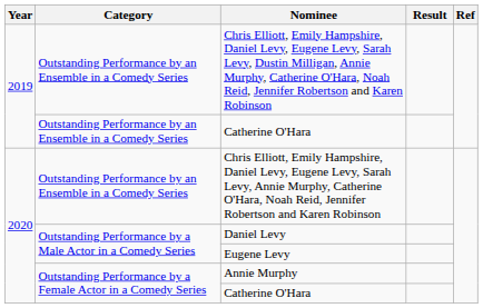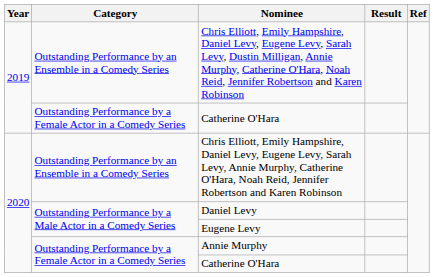 <table class="wikitable">
 <tr>
 <th width="3%">Year</th>
 <th width="40%">Category</th>
 <th width="40%">Nominee</th>
 <th width="10%">Result</th>
 <th width="2%">Ref</th>
 </tr>
 <tr>
 <td rowspan="2"><a href='#'>2019</a></td>
 <td><a href='#'>Outstanding Performance by an Ensemble in a Comedy Series</a></td>
 <td><a href='#'>Chris Elliott</a>, <a href='#'>Emily Hampshire</a>, <a href='#'>Daniel Levy</a>, <a href='#'>Eugene Levy</a>, <a href='#'>Sarah Levy</a>, <a href='#'>Dustin Milligan</a>, <a href='#'>Annie Murphy</a>, <a href='#'>Catherine O'Hara</a>, <a href='#'>Noah Reid</a>, <a href='#'>Jennifer Robertson</a> and <a href='#'>Karen Robinson</a></td>
 <td></td>
 <td rowspan="2"></td>
 </tr>
 <tr>
-<td><a href='#'>Outstanding Performance by an Ensemble in a Comedy Series</a></td>
+<td><a href='#'>Outstanding Performance by a Female Actor in a Comedy Series</a></td>
 <td>Catherine O'Hara</td>
 <td></td>
 </tr>
 <tr>
 <td rowspan="5"><a href='#'>2020</a></td>
 <td><a href='#'>Outstanding Performance by an Ensemble in a Comedy Series</a></td>
 <td>Chris Elliott, Emily Hampshire, Daniel Levy, Eugene Levy, Sarah Levy, Annie Murphy, Catherine O'Hara, Noah Reid, Jennifer Robertson and Karen Robinson</td>
 <td></td>
 <td rowspan="5"></td>
 </tr>
 <tr>
 <td rowspan="2"><a href='#'>Outstanding Performance by a Male Actor in a Comedy Series</a></td>
 <td>Daniel Levy</td>
 <td></td>
 </tr>
 <tr>
 <td>Eugene Levy</td>
 <td></td>
 </tr>
 <tr>
 <td rowspan="2"><a href='#'>Outstanding Performance by a Female Actor in a Comedy Series</a></td>
 <td>Annie Murphy</td>
 <td></td>
 </tr>
 <tr>
 <td>Catherine O'Hara</td>
 <td></td>
 </tr>
 </table>
